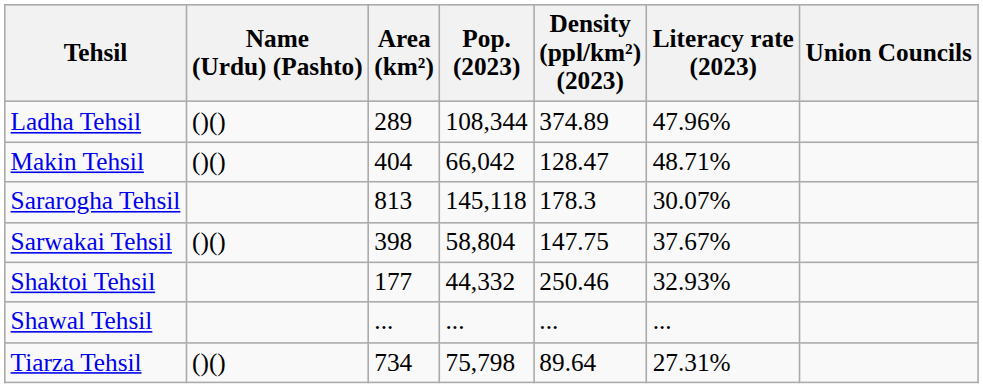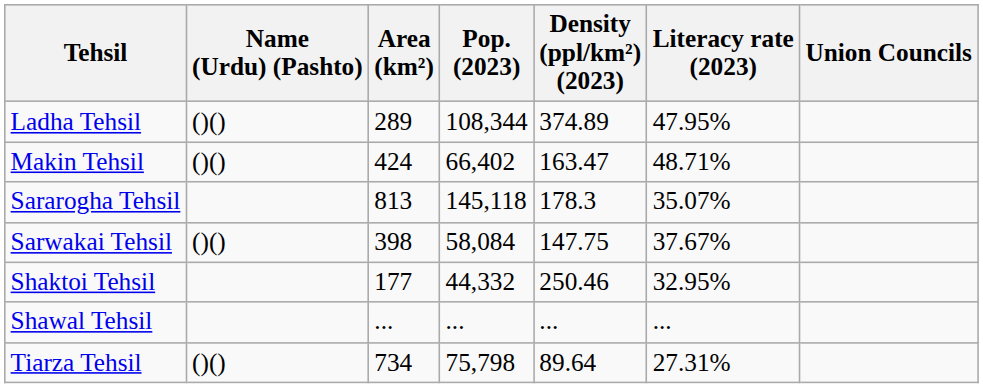 <table class="wikitable sortable static-row-numbers static-row-header-hash">
 <tr>
 <th>Tehsil</th>
 <th>Name<br>(Urdu) (Pashto)</th>
 <th>Area<br>(km²)</th>
 <th>Pop.<br>(2023)</th>
 <th>Density<br>(ppl/km²)<br>(2023)</th>
 <th>Literacy rate<br>(2023)</th>
 <th>Union Councils</th>
 </tr>
 <tr>
 <td><a href='#'>Ladha Tehsil</a></td>
 <td>()()</td>
 <td>289</td>
 <td>108,344</td>
 <td>374.89</td>
-<td>47.96%</td>
+<td>47.95%</td>
 <td></td>
 </tr>
 <tr>
 <td><a href='#'>Makin Tehsil</a></td>
 <td>()()</td>
-<td>404</td>
-<td>66,042</td>
-<td>128.47</td>
+<td>424</td>
+<td>66,402</td>
+<td>163.47</td>
 <td>48.71%</td>
 <td></td>
 </tr>
 <tr>
 <td><a href='#'>Sararogha Tehsil</a></td>
 <td></td>
 <td>813</td>
 <td>145,118</td>
 <td>178.3</td>
-<td>30.07%</td>
+<td>35.07%</td>
 <td></td>
 </tr>
 <tr>
 <td><a href='#'>Sarwakai Tehsil</a></td>
 <td>()()</td>
 <td>398</td>
-<td>58,804</td>
+<td>58,084</td>
 <td>147.75</td>
 <td>37.67%</td>
 <td></td>
 </tr>
 <tr>
 <td><a href='#'>Shaktoi Tehsil</a></td>
 <td></td>
 <td>177</td>
 <td>44,332</td>
 <td>250.46</td>
-<td>32.93%</td>
+<td>32.95%</td>
 <td></td>
 </tr>
 <tr>
 <td><a href='#'>Shawal Tehsil</a></td>
 <td></td>
 <td>...</td>
 <td>...</td>
 <td>...</td>
 <td>...</td>
 <td></td>
 </tr>
 <tr>
 <td><a href='#'>Tiarza Tehsil</a></td>
 <td>()()</td>
 <td>734</td>
 <td>75,798</td>
 <td>89.64</td>
 <td>27.31%</td>
 <td></td>
 </tr>
 </table>
